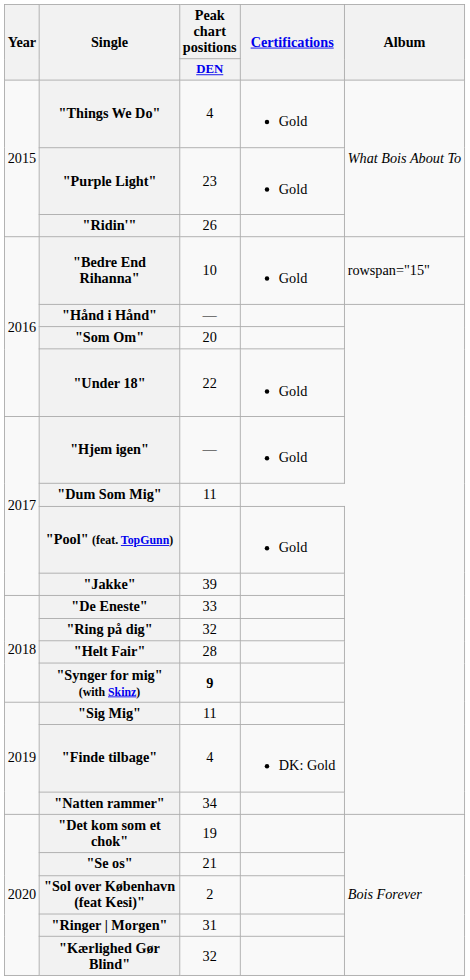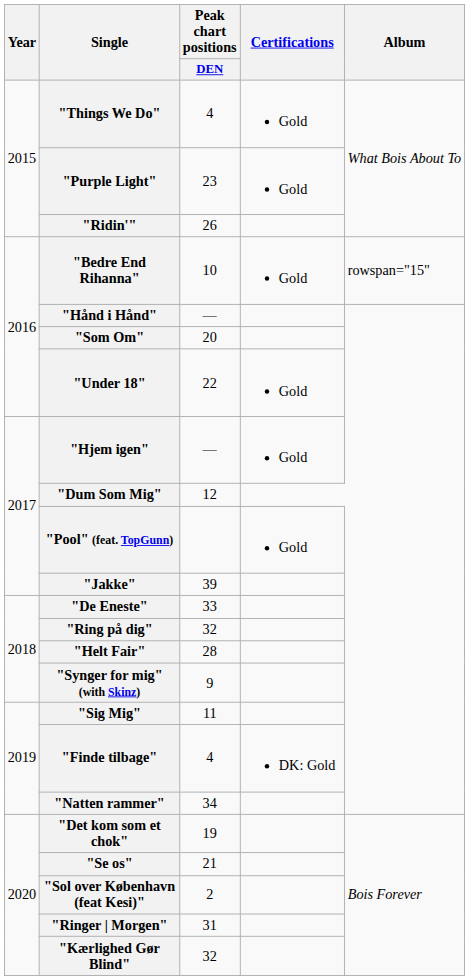 <table class="wikitable plainrowheaders" style="text-align:left">
 <tr>
 <th align="center" rowspan="2" width="10">Year</th>
 <th align="center" rowspan="2" width="150">Single</th>
 <th align="center" colspan="1" width="20">Peak chart positions</th>
 <th align="left" rowspan="2" width="110"><a href='#'>Certifications</a></th>
 <th align="center" rowspan="2">Album</th>
 </tr>
 <tr>
 <th scope="col" style="width:3em;font-size:90%;"><a href='#'>DEN</a><br></th>
 </tr>
 <tr>
 <td rowspan="3">2015</td>
 <th scope="row">"Things We Do"</th>
 <td style="text-align:center;">4</td>
 <td><br><ul><li>Gold</li></ul></td>
 <td rowspan="3"><em>What Bois About To</em></td>
 </tr>
 <tr>
 <th scope="row">"Purple Light"</th>
 <td style="text-align:center;">23</td>
 <td><br><ul><li>Gold</li></ul></td>
 </tr>
 <tr>
 <th scope="row">"Ridin'"</th>
 <td style="text-align:center;">26</td>
 <td></td>
 </tr>
 <tr>
 <td rowspan="4">2016</td>
 <th scope="row">"Bedre End Rihanna"</th>
 <td style="text-align:center;">10</td>
 <td><br><ul><li>Gold</li></ul></td>
 <td>rowspan="15" </td>
 </tr>
 <tr>
 <th scope="row">"Hånd i Hånd"</th>
 <td style="text-align:center;">—</td>
 <td></td>
 </tr>
 <tr>
 <th scope="row">"Som Om"</th>
 <td style="text-align:center;">20</td>
 <td></td>
 </tr>
 <tr>
 <th scope="row">"Under 18"</th>
 <td style="text-align:center;">22</td>
 <td><br><ul><li>Gold</li></ul></td>
 </tr>
 <tr>
 <td rowspan="4">2017</td>
 <th scope="row">"Hjem igen"</th>
 <td style="text-align:center;">—</td>
 <td><br><ul><li>Gold</li></ul></td>
 </tr>
 <tr>
 <th scope="row">"Dum Som Mig"</th>
-<td style="text-align:center;">11</td>
+<td style="text-align:center;">12</td>
 </tr>
 <tr>
 <th scope="row">"Pool" <small>(feat. <a href='#'>TopGunn</a>)</small></th>
 <td></td>
 <td><br><ul><li>Gold</li></ul></td>
 </tr>
 <tr>
 <th scope="row">"Jakke"</th>
 <td style="text-align:center;">39<br></td>
 <td></td>
 </tr>
 <tr>
 <td rowspan="4">2018</td>
 <th scope="row">"De Eneste"</th>
 <td style="text-align:center;">33<br></td>
 <td></td>
 </tr>
 <tr>
 <th scope="row">"Ring på dig"</th>
 <td style="text-align:center;">32<br></td>
 <td></td>
 </tr>
 <tr>
 <th scope="row">"Helt Fair"</th>
 <td style="text-align:center;">28<br></td>
 <td></td>
 </tr>
 <tr>
 <th scope="row">"Synger for mig" <small>(with <a href='#'>Skinz</a>)</small></th>
-<td style="text-align:center;"><strong>9<br></strong></td>
+<td style="text-align:center;">9<br></td>
 <td></td>
 </tr>
 <tr>
 <td rowspan="3">2019</td>
 <th scope="row">"Sig Mig"</th>
 <td style="text-align:center;">11<br></td>
 <td></td>
 </tr>
 <tr>
 <th scope="row">"Finde tilbage"</th>
 <td style="text-align:center;">4<br></td>
 <td><br><ul><li>DK: Gold</li></ul></td>
 </tr>
 <tr>
 <th scope="row">"Natten rammer"<br></th>
 <td style="text-align:center;">34<br></td>
 <td></td>
 </tr>
 <tr>
 <td rowspan="5">2020</td>
 <th scope="row">"Det kom som et chok"</th>
 <td style="text-align:center;">19<br></td>
 <td></td>
 <td rowspan="5"><em>Bois Forever</em></td>
 </tr>
 <tr>
 <th scope="row">"Se os"</th>
 <td style="text-align:center;">21<br></td>
 <td></td>
 </tr>
 <tr>
 <th scope="row">"Sol over København (feat Kesi)"</th>
 <td style="text-align:center;">2<br></td>
 <td></td>
 </tr>
 <tr>
 <th scope="row">"Ringer | Morgen"</th>
 <td style="text-align:center;">31<br></td>
 <td></td>
 </tr>
 <tr>
 <th scope="row">"Kærlighed Gør Blind"</th>
 <td style="text-align:center;">32<br></td>
 <td></td>
 </tr>
 </table>
